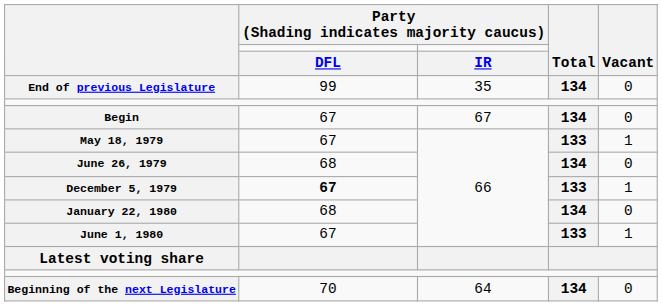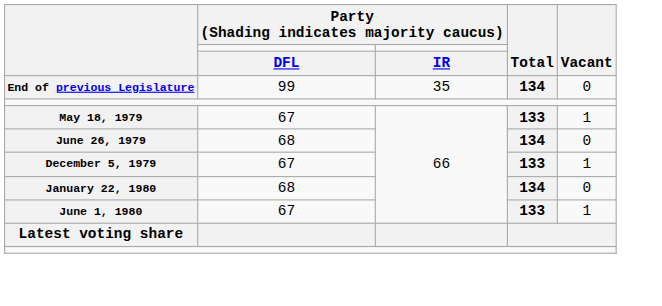 <table class=wikitable style="text-align:center">
 <tr style="vertical-align:bottom;">
 <th rowspan=3></th>
 <th colspan=2>Party <div>(Shading indicates majority caucus)</div></th>
 <th rowspan=3>Total</th>
 <th rowspan=3>Vacant</th>
 </tr>
 <tr style="height:5px">
 <td style="background-color:"></td>
 <td style="background-color:"></td>
 </tr>
 <tr>
 <th><a href='#'>DFL</a></th>
 <th><a href='#'>IR</a></th>
 </tr>
 <tr>
 <th style="white-space:nowrap; font-size:80%;">End of <a href='#'>previous Legislature</a></th>
 <td>99</td>
 <td>35</td>
 <th>134</th>
 <td>0</td>
 </tr>
 <tr>
 <td colspan=5></td>
 </tr>
 <tr>
-<th style="font-size:80%">Begin</th>
-<td>67</td>
-<td>67</td>
-<th>134</th>
-<td>0</td>
-</tr>
-<tr>
 <th style="font-size:80%">May 18, 1979 </th>
 <td>67</td>
 <td rowspan="5">66</td>
 <th>133</th>
 <td>1</td>
 </tr>
 <tr>
 <th style="font-size:80%">June 26, 1979 </th>
 <td>68</td>
 <th>134</th>
 <td>0</td>
 </tr>
 <tr>
 <th style="font-size:80%">December 5, 1979 </th>
-<td><strong>67</strong></td>
+<td>67</td>
 <th>133</th>
 <td>1</td>
 </tr>
 <tr>
 <th style="font-size:80%">January 22, 1980 </th>
 <td>68</td>
 <th>134</th>
 <td>0</td>
 </tr>
 <tr>
 <th style="font-size:80%">June 1, 1980 </th>
 <td>67</td>
 <th>133</th>
 <td>1</td>
 </tr>
 <tr>
 <th>Latest voting share</th>
 <th></th>
 <th></th>
 <th colspan=2></th>
 </tr>
 <tr>
 <td colspan=5></td>
 </tr>
-<tr>
-<th style="white-space:nowrap; font-size:80%;">Beginning of the <a href='#'>next Legislature</a></th>
-<td>70</td>
-<td>64</td>
-<th>134</th>
-<td>0</td>
-</tr>
 </table>
